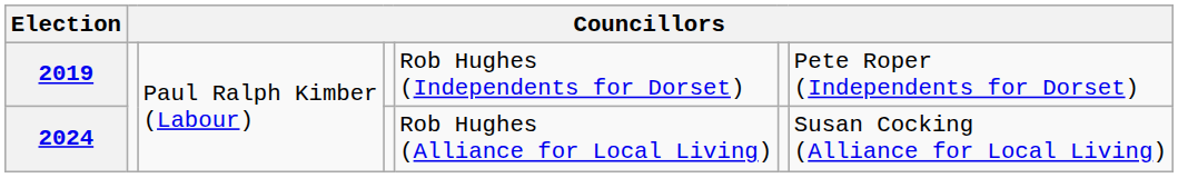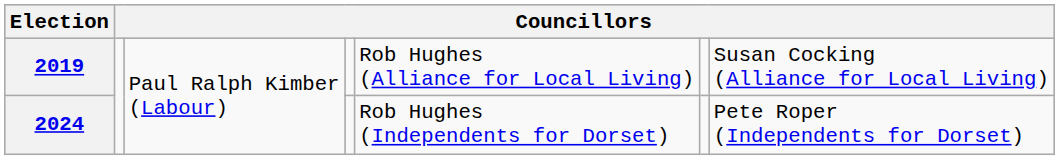 <table class="wikitable">
 <tr>
 <th>Election</th>
 <th colspan="6">Councillors</th>
 </tr>
 <tr>
 <th><a href='#'>2019</a></th>
 <td rowspan="5" style="background-color: "></td>
 <td rowspan="2">Paul Ralph Kimber<br>(<a href='#'>Labour</a>)</td>
 <td style="background-color: "></td>
+<td>Rob Hughes<br>(<a href='#'>Alliance for Local Living</a>)</td>
+<td style="background-color: "></td>
+<td>Susan Cocking<br>(<a href='#'>Alliance for Local Living</a>)</td>
+</tr>
+<tr>
+<th><a href='#'>2024</a></th>
+<td style="background-color: "></td>
 <td>Rob Hughes<br>(<a href='#'>Independents for Dorset</a>)</td>
 <td style="background-color: "></td>
 <td>Pete Roper<br>(<a href='#'>Independents for Dorset</a>)</td>
 </tr>
-<tr>
-<th><a href='#'>2024</a></th>
-<td style="background-color: "></td>
-<td>Rob Hughes<br>(<a href='#'>Alliance for Local Living</a>)</td>
-<td style="background-color: "></td>
-<td>Susan Cocking<br>(<a href='#'>Alliance for Local Living</a>)</td>
-</tr>
 </table>
